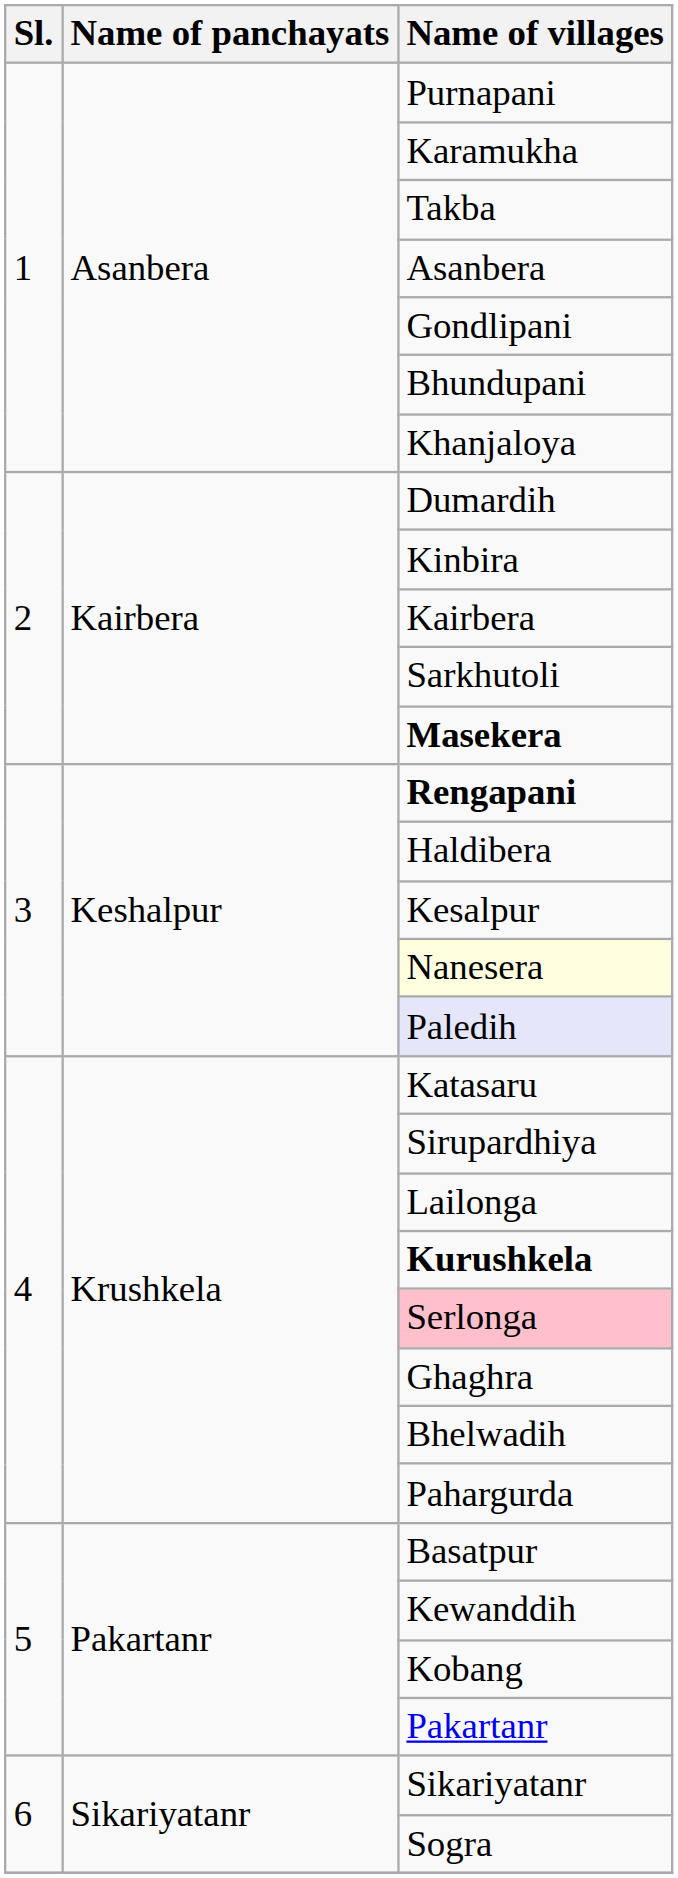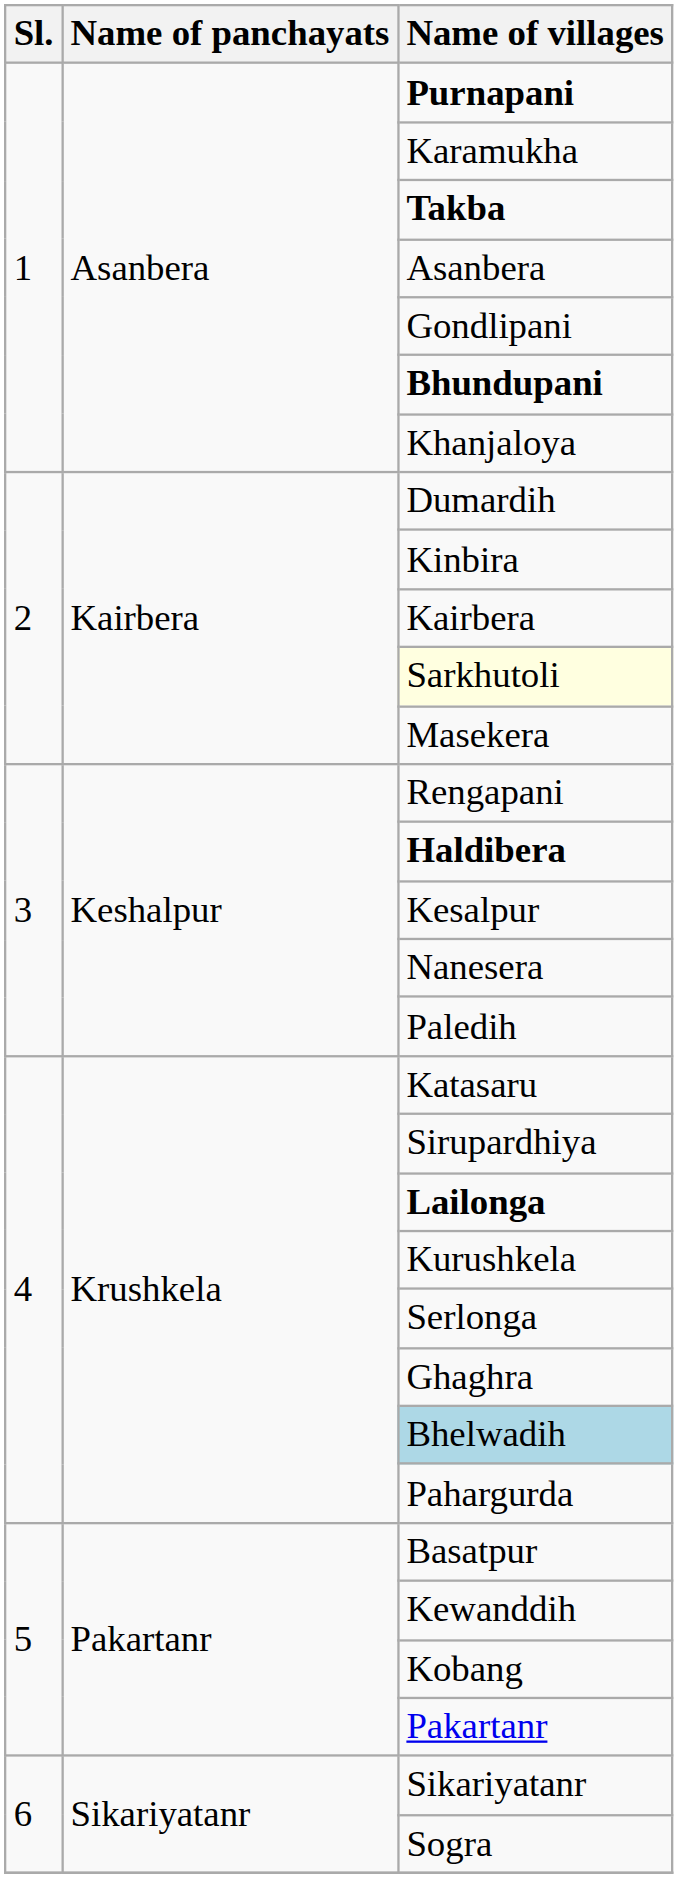 <table class="wikitable plainrowheaders sortable">
 <tr>
 <th scope="col">Sl.</th>
 <th scope="col">Name of panchayats</th>
 <th scope="col">Name of villages</th>
 </tr>
 <tr>
 <td rowspan="7">1</td>
 <td rowspan="7">Asanbera</td>
-<td>Purnapani</td>
+<td><strong>Purnapani</strong></td>
 </tr>
 <tr>
 <td>Karamukha</td>
 </tr>
 <tr>
-<td>Takba</td>
+<td><strong>Takba</strong></td>
 </tr>
 <tr>
 <td>Asanbera</td>
 </tr>
 <tr>
 <td>Gondlipani</td>
 </tr>
 <tr>
-<td>Bhundupani</td>
+<td><strong>Bhundupani</strong></td>
 </tr>
 <tr>
 <td>Khanjaloya</td>
 </tr>
 <tr>
 <td rowspan="5">2</td>
 <td rowspan="5">Kairbera</td>
 <td>Dumardih</td>
 </tr>
 <tr>
 <td>Kinbira</td>
 </tr>
 <tr>
 <td>Kairbera</td>
 </tr>
 <tr>
-<td>Sarkhutoli</td>
+<td style="background: lightyellow;">Sarkhutoli</td>
 </tr>
 <tr>
-<td><strong>Masekera</strong></td>
+<td>Masekera</td>
 </tr>
 <tr>
 <td rowspan="5">3</td>
 <td rowspan="5">Keshalpur</td>
-<td><strong>Rengapani</strong></td>
+<td>Rengapani</td>
 </tr>
 <tr>
-<td>Haldibera</td>
+<td><strong>Haldibera</strong></td>
 </tr>
 <tr>
 <td>Kesalpur</td>
 </tr>
 <tr>
-<td style="background: lightyellow;">Nanesera</td>
+<td>Nanesera</td>
 </tr>
 <tr>
-<td style="background: lavender;">Paledih</td>
+<td>Paledih</td>
 </tr>
 <tr>
 <td rowspan="8">4</td>
 <td rowspan="8">Krushkela</td>
 <td>Katasaru</td>
 </tr>
 <tr>
 <td>Sirupardhiya</td>
 </tr>
 <tr>
-<td>Lailonga</td>
+<td><strong>Lailonga</strong></td>
 </tr>
 <tr>
-<td><strong>Kurushkela</strong></td>
+<td>Kurushkela</td>
 </tr>
 <tr>
-<td style="background: pink;">Serlonga</td>
+<td>Serlonga</td>
 </tr>
 <tr>
 <td>Ghaghra</td>
 </tr>
 <tr>
-<td>Bhelwadih</td>
+<td style="background: lightblue;">Bhelwadih</td>
 </tr>
 <tr>
 <td>Pahargurda</td>
 </tr>
 <tr>
 <td rowspan="4">5</td>
 <td rowspan="4">Pakartanr</td>
 <td>Basatpur</td>
 </tr>
 <tr>
 <td>Kewanddih</td>
 </tr>
 <tr>
 <td>Kobang</td>
 </tr>
 <tr>
 <td><a href='#'>Pakartanr</a></td>
 </tr>
 <tr>
 <td rowspan="2">6</td>
 <td rowspan="2">Sikariyatanr</td>
 <td>Sikariyatanr</td>
 </tr>
 <tr>
 <td>Sogra</td>
 </tr>
 <tr>
 </tr>
 </table>
